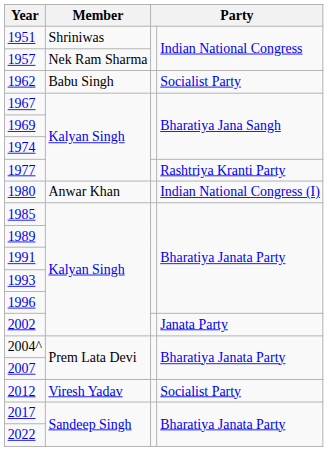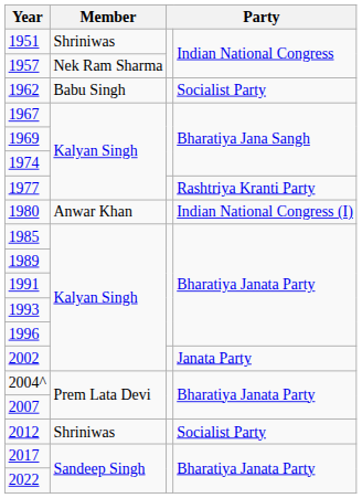 <table class="wikitable">
 <tr>
 <th>Year</th>
 <th>Member</th>
 <th colspan="2">Party</th>
 </tr>
 <tr>
 <td><a href='#'>1951</a></td>
 <td>Shriniwas</td>
 <td rowspan="2" style="background-color: "></td>
 <td rowspan="2"><a href='#'>Indian National Congress</a></td>
 </tr>
 <tr>
 <td><a href='#'>1957</a></td>
 <td>Nek Ram Sharma</td>
 </tr>
 <tr>
 <td><a href='#'>1962</a></td>
 <td>Babu Singh</td>
 <td style="background-color: "></td>
 <td><a href='#'>Socialist Party</a></td>
 </tr>
 <tr>
 <td><a href='#'>1967</a></td>
 <td rowspan="4"><a href='#'>Kalyan Singh</a></td>
 <td rowspan="3" style="background-color: "></td>
 <td rowspan="3"><a href='#'>Bharatiya Jana Sangh</a></td>
 </tr>
 <tr>
 <td><a href='#'>1969</a></td>
 </tr>
 <tr>
 <td><a href='#'>1974</a></td>
 </tr>
 <tr>
 <td><a href='#'>1977</a></td>
 <td style="background-color: "></td>
 <td><a href='#'>Rashtriya Kranti Party</a></td>
 </tr>
 <tr>
 <td><a href='#'>1980</a></td>
 <td>Anwar Khan</td>
 <td style="background-color: "></td>
 <td><a href='#'>Indian National Congress (I)</a></td>
 </tr>
 <tr>
 <td><a href='#'>1985</a></td>
 <td rowspan="6"><a href='#'>Kalyan Singh</a></td>
 <td rowspan="5" style="background-color: "></td>
 <td rowspan="5"><a href='#'>Bharatiya Janata Party</a></td>
 </tr>
 <tr>
 <td><a href='#'>1989</a></td>
 </tr>
 <tr>
 <td><a href='#'>1991</a></td>
 </tr>
 <tr>
 <td><a href='#'>1993</a></td>
 </tr>
 <tr>
 <td><a href='#'>1996</a></td>
 </tr>
 <tr>
 <td><a href='#'>2002</a></td>
 <td style="background-color: "></td>
 <td><a href='#'>Janata Party</a></td>
 </tr>
 <tr>
 <td>2004^</td>
 <td rowspan="2">Prem Lata Devi</td>
 <td rowspan="2" style="background-color: "></td>
 <td rowspan="2"><a href='#'>Bharatiya Janata Party</a></td>
 </tr>
 <tr>
 <td><a href='#'>2007</a></td>
 </tr>
 <tr>
 <td><a href='#'>2012</a></td>
-<td><a href='#'>Viresh Yadav</a></td>
+<td>Shriniwas</td>
 <td style="background-color: "></td>
 <td><a href='#'>Socialist Party</a></td>
 </tr>
 <tr>
 <td><a href='#'>2017</a></td>
 <td rowspan="2"><a href='#'>Sandeep Singh</a></td>
 <td rowspan="2" style="background-color: "></td>
 <td rowspan="2"><a href='#'>Bharatiya Janata Party</a></td>
 </tr>
 <tr>
 <td><a href='#'>2022</a></td>
 </tr>
 </table>
